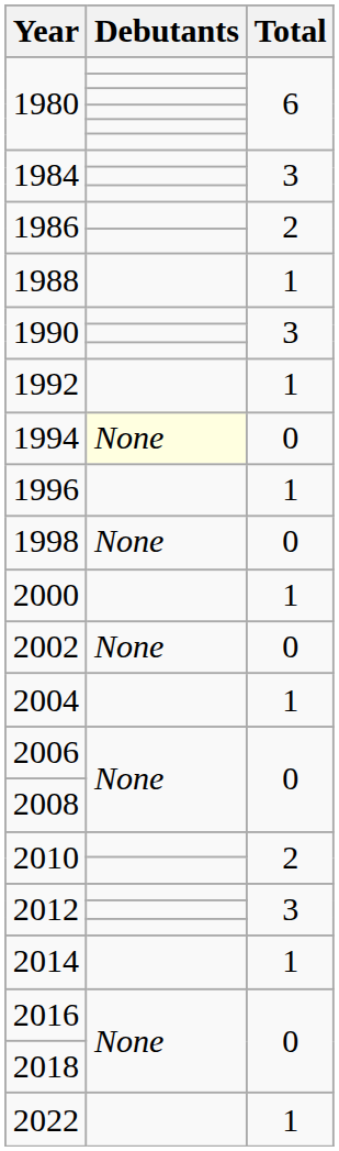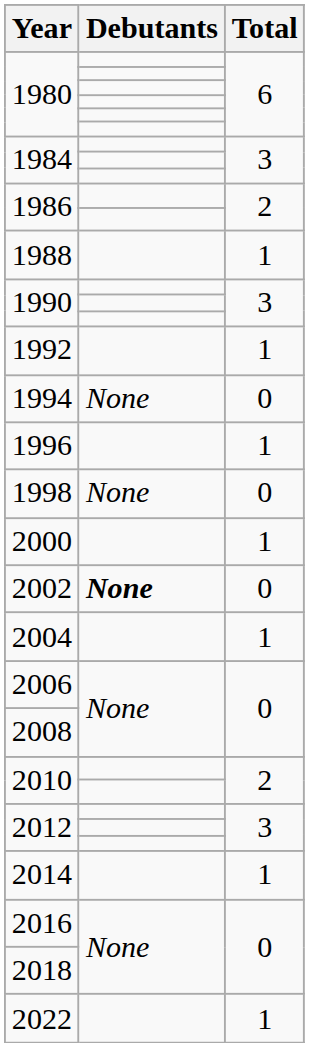 <table class="wikitable">
 <tr>
 <th>Year</th>
 <th>Debutants</th>
 <th>Total</th>
 </tr>
 <tr>
 <td rowspan=6>1980</td>
 <td></td>
 <td rowspan=6 align=center>6</td>
 </tr>
 <tr>
 <td></td>
 </tr>
 <tr>
 <td></td>
 </tr>
 <tr>
 <td></td>
 </tr>
 <tr>
 <td></td>
 </tr>
 <tr>
 <td></td>
 </tr>
 <tr>
 <td rowspan=3>1984</td>
 <td></td>
 <td rowspan=3 align=center>3</td>
 </tr>
 <tr>
 <td></td>
 </tr>
 <tr>
 <td></td>
 </tr>
 <tr>
 <td rowspan=2>1986</td>
 <td></td>
 <td rowspan=2 align=center>2</td>
 </tr>
 <tr>
 <td></td>
 </tr>
 <tr>
 <td>1988</td>
 <td></td>
 <td align=center>1</td>
 </tr>
 <tr>
 <td rowspan=3>1990</td>
 <td></td>
 <td rowspan=3 align=center>3</td>
 </tr>
 <tr>
 <td></td>
 </tr>
 <tr>
 <td></td>
 </tr>
 <tr>
 <td>1992</td>
 <td></td>
 <td align=center>1</td>
 </tr>
 <tr>
 <td>1994</td>
-<td style="background: lightyellow;"><em>None</em></td>
+<td><em>None</em></td>
 <td align=center>0</td>
 </tr>
 <tr>
 <td>1996</td>
 <td></td>
 <td align=center>1</td>
 </tr>
 <tr>
 <td>1998</td>
 <td><em>None</em></td>
 <td align=center>0</td>
 </tr>
 <tr>
 <td>2000</td>
 <td></td>
 <td align=center>1</td>
 </tr>
 <tr>
 <td>2002</td>
-<td><em>None</em></td>
+<td><strong><em>None</em></strong></td>
 <td align=center>0</td>
 </tr>
 <tr>
 <td>2004</td>
 <td></td>
 <td align=center>1</td>
 </tr>
 <tr>
 <td>2006</td>
 <td rowspan=2><em>None</em></td>
 <td rowspan=2 align=center>0</td>
 </tr>
 <tr>
 <td>2008</td>
 </tr>
 <tr>
 <td rowspan=2>2010</td>
 <td></td>
 <td rowspan=2 align=center>2</td>
 </tr>
 <tr>
 <td></td>
 </tr>
 <tr>
 <td rowspan=3>2012</td>
 <td></td>
 <td rowspan=3 align=center>3</td>
 </tr>
 <tr>
 <td></td>
 </tr>
 <tr>
 <td></td>
 </tr>
 <tr>
 <td>2014</td>
 <td></td>
 <td rowspan=1 align=center>1</td>
 </tr>
 <tr>
 <td>2016</td>
 <td rowspan=2><em>None</em></td>
 <td rowspan=2 align=center>0</td>
 </tr>
 <tr>
 <td>2018</td>
 </tr>
 <tr>
 <td>2022</td>
 <td></td>
 <td align=center>1</td>
 </tr>
 </table>
